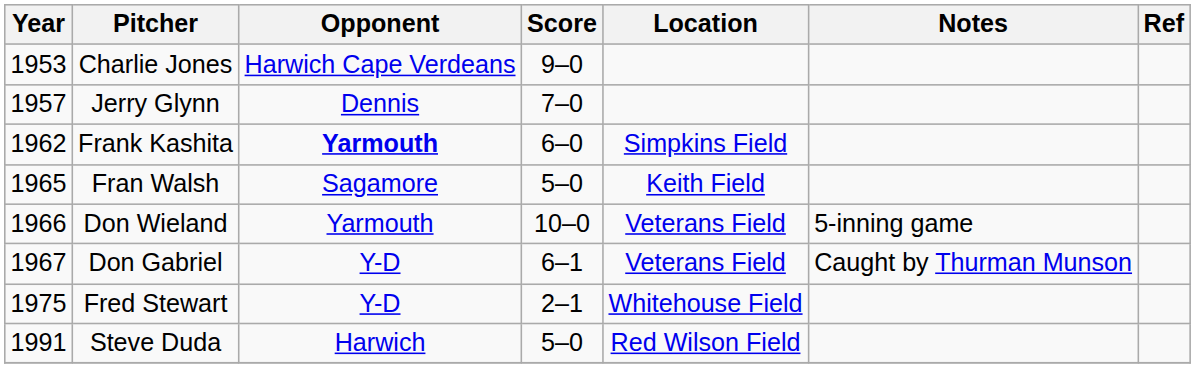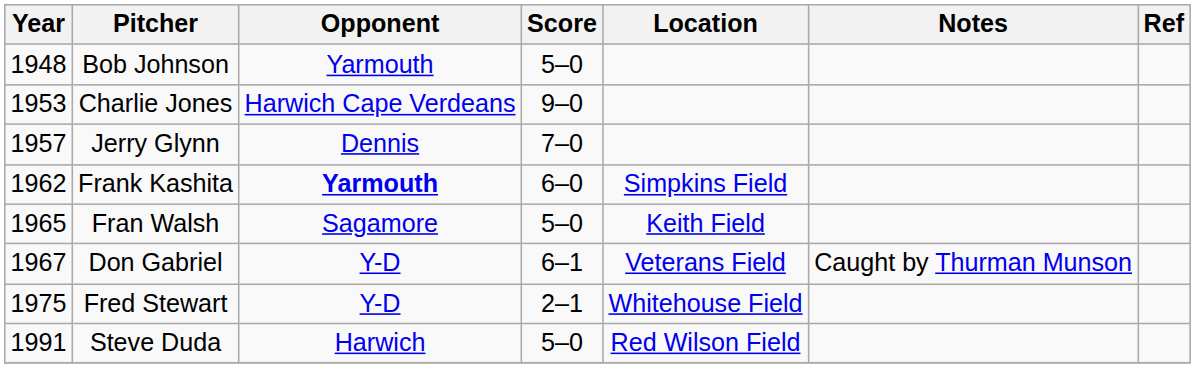 <table class="wikitable" style="text-align:center">
 <tr>
 <th scope="col">Year</th>
 <th scope="col">Pitcher</th>
 <th scope="col">Opponent</th>
 <th scope="col">Score</th>
 <th scope="col">Location</th>
 <th scope="col">Notes</th>
 <th scope="col">Ref</th>
+</tr>
+<tr>
+<td>1948</td>
+<td>Bob Johnson</td>
+<td><a href='#'>Yarmouth</a></td>
+<td>5–0</td>
+<td></td>
+<td></td>
+<td></td>
 </tr>
 <tr>
 <td>1953</td>
 <td>Charlie Jones</td>
 <td><a href='#'>Harwich Cape Verdeans</a></td>
 <td>9–0</td>
 <td></td>
 <td></td>
 <td></td>
 </tr>
 <tr>
 <td>1957</td>
 <td>Jerry Glynn</td>
 <td><a href='#'>Dennis</a></td>
 <td>7–0</td>
 <td></td>
 <td></td>
 <td></td>
 </tr>
 <tr>
 <td>1962</td>
 <td>Frank Kashita</td>
 <td><strong><a href='#'>Yarmouth</a></strong></td>
 <td>6–0</td>
 <td><a href='#'>Simpkins Field</a></td>
 <td></td>
 <td></td>
 </tr>
 <tr>
 <td>1965</td>
 <td>Fran Walsh</td>
 <td><a href='#'>Sagamore</a></td>
 <td>5–0</td>
 <td><a href='#'>Keith Field</a></td>
 <td></td>
 <td></td>
 </tr>
 <tr>
-<td>1966</td>
-<td>Don Wieland</td>
-<td><a href='#'>Yarmouth</a></td>
-<td>10–0</td>
-<td><a href='#'>Veterans Field</a></td>
-<td style="text-align:left">5-inning game</td>
-<td></td>
-</tr>
-<tr>
 <td>1967</td>
 <td>Don Gabriel</td>
 <td><a href='#'>Y-D</a></td>
 <td>6–1</td>
 <td><a href='#'>Veterans Field</a></td>
 <td style="text-align:left">Caught by <a href='#'>Thurman Munson</a></td>
 <td></td>
 </tr>
 <tr>
 <td>1975</td>
 <td>Fred Stewart</td>
 <td><a href='#'>Y-D</a></td>
 <td>2–1</td>
 <td><a href='#'>Whitehouse Field</a></td>
 <td></td>
 <td></td>
 </tr>
 <tr>
 <td>1991</td>
 <td>Steve Duda</td>
 <td><a href='#'>Harwich</a></td>
 <td>5–0</td>
 <td><a href='#'>Red Wilson Field</a></td>
 <td></td>
 <td></td>
 </tr>
 <tr>
 </tr>
 </table>
